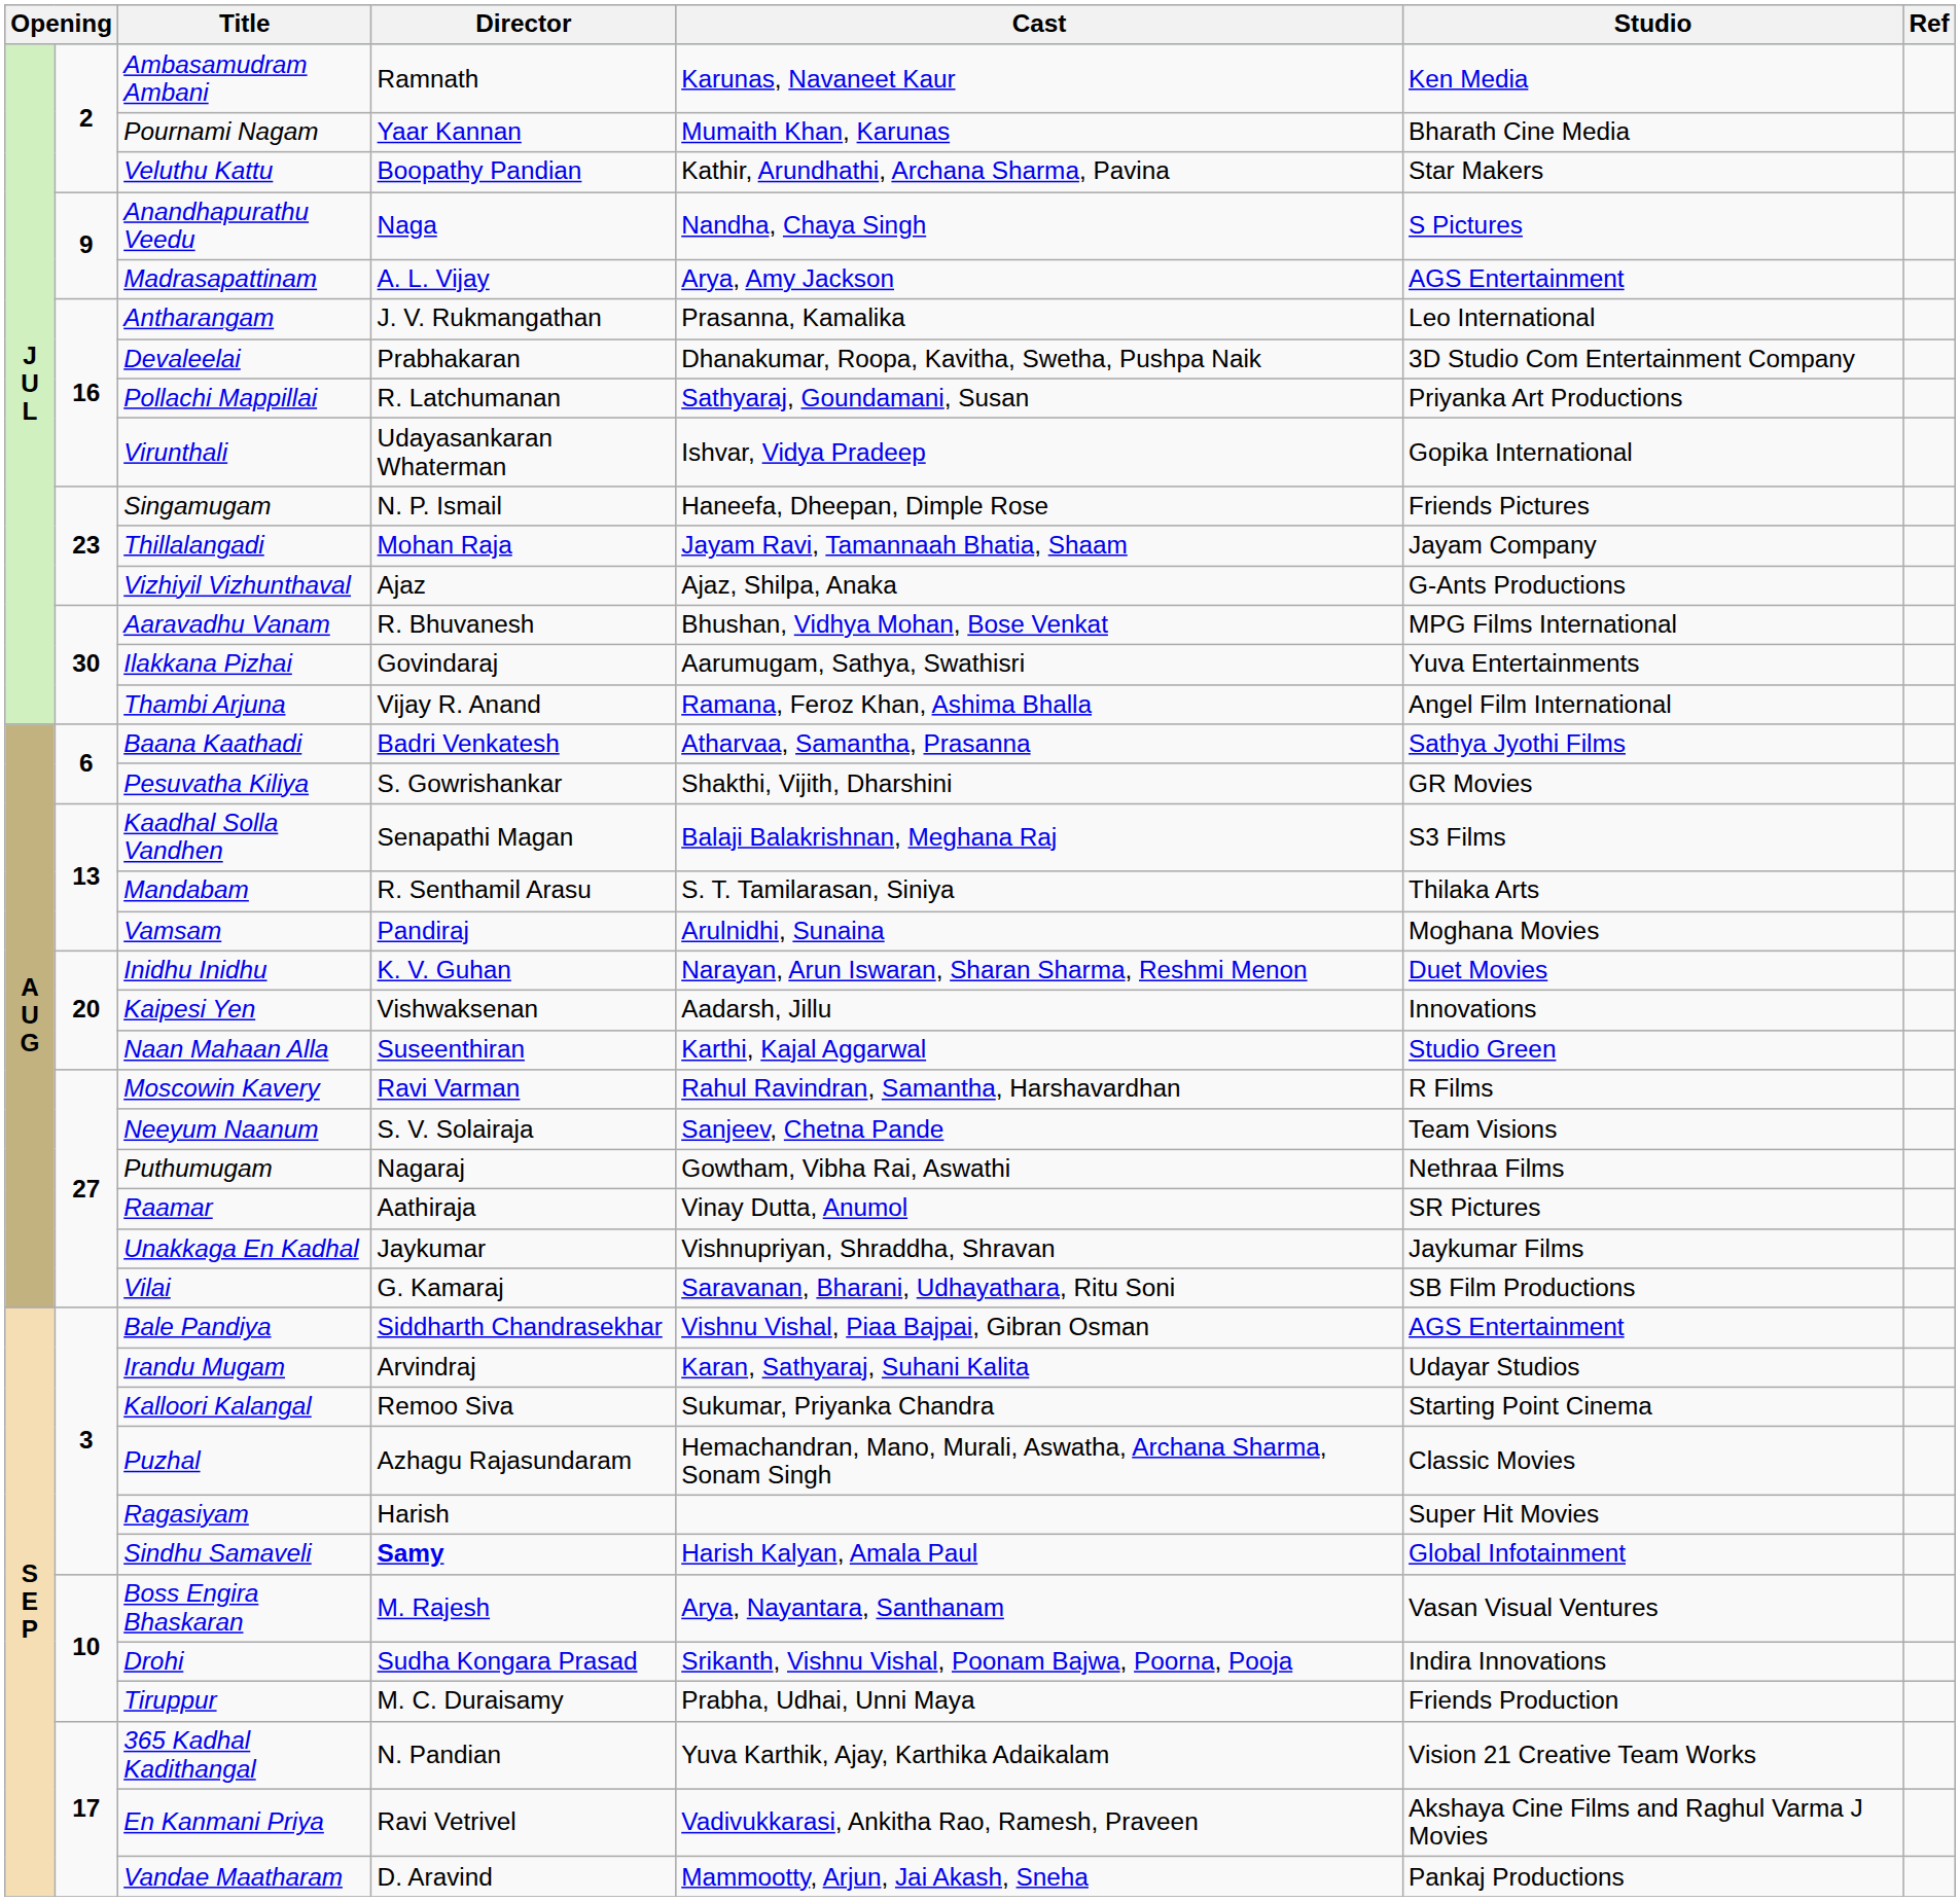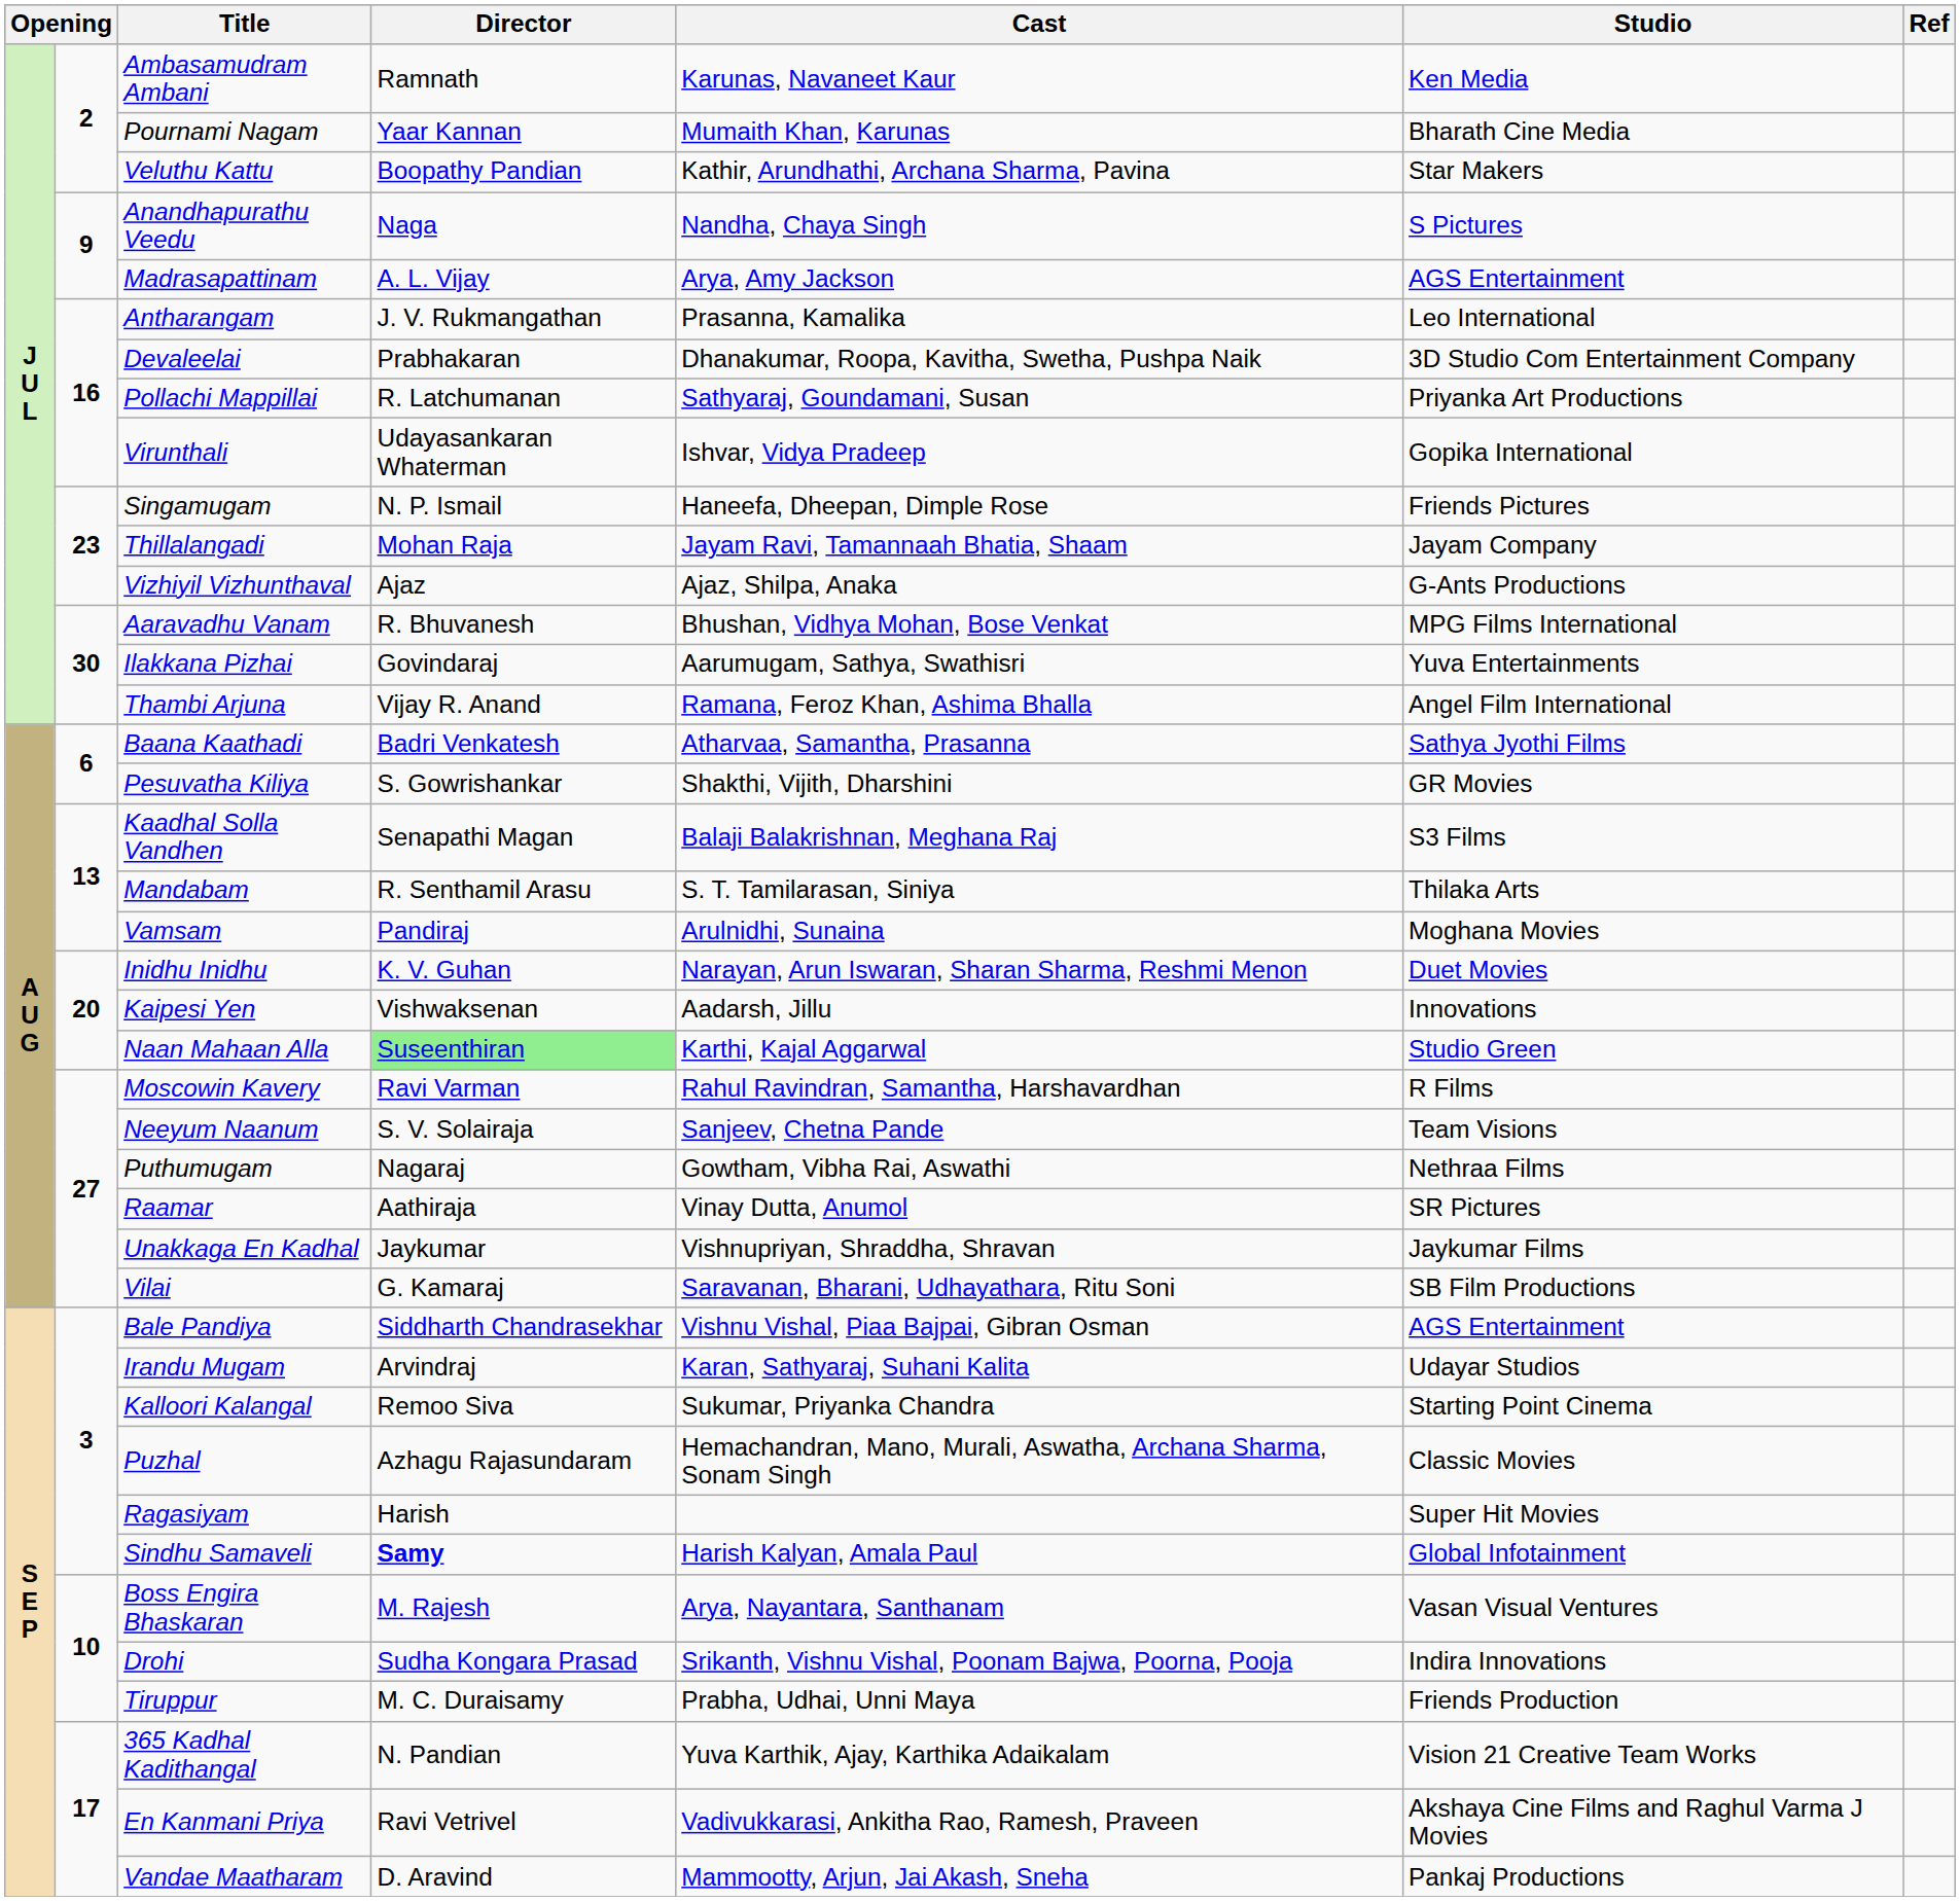 <table id="wikitable-20101207" class="wikitable">
 <tr style="background:#b0e0e6; text-align:center;">
 <th colspan="2">Opening</th>
 <th style="width:13%;">Title</th>
 <th>Director</th>
 <th>Cast</th>
 <th>Studio</th>
 <th>Ref</th>
 </tr>
 <tr>
 <td rowspan="15"   style="text-align:center; background:#d0f0c0; textcolor:#000;"><strong>J<br>U<br>L</strong></td>
 <td rowspan="3" style="text-align:center;"><strong>2</strong></td>
 <td><em><a href='#'>Ambasamudram Ambani</a></em></td>
 <td>Ramnath</td>
 <td><a href='#'>Karunas</a>, <a href='#'>Navaneet Kaur</a></td>
 <td><a href='#'>Ken Media</a></td>
 <td></td>
 </tr>
 <tr>
 <td><em>Pournami Nagam</em></td>
 <td><a href='#'>Yaar Kannan</a></td>
 <td><a href='#'>Mumaith Khan</a>, <a href='#'>Karunas</a></td>
 <td>Bharath Cine Media</td>
 <td></td>
 </tr>
 <tr>
 <td><em><a href='#'>Veluthu Kattu</a></em></td>
 <td><a href='#'>Boopathy Pandian</a></td>
 <td>Kathir, <a href='#'>Arundhathi</a>, <a href='#'>Archana Sharma</a>, Pavina</td>
 <td>Star Makers</td>
 <td></td>
 </tr>
 <tr>
 <td rowspan="2" style="text-align:center;"><strong>9</strong></td>
 <td><em><a href='#'>Anandhapurathu Veedu</a></em></td>
 <td><a href='#'>Naga</a></td>
 <td><a href='#'>Nandha</a>, <a href='#'>Chaya Singh</a></td>
 <td><a href='#'>S Pictures</a></td>
 <td></td>
 </tr>
 <tr>
 <td><em><a href='#'>Madrasapattinam</a></em></td>
 <td><a href='#'>A. L. Vijay</a></td>
 <td><a href='#'>Arya</a>, <a href='#'>Amy Jackson</a></td>
 <td><a href='#'>AGS Entertainment</a></td>
 <td></td>
 </tr>
 <tr>
 <td rowspan="4" style="text-align:center;"><strong>16</strong></td>
 <td><em><a href='#'>Antharangam</a></em></td>
 <td>J. V. Rukmangathan</td>
 <td>Prasanna, Kamalika</td>
 <td>Leo International</td>
 <td></td>
 </tr>
 <tr>
 <td><em><a href='#'>Devaleelai</a></em></td>
 <td>Prabhakaran</td>
 <td>Dhanakumar, Roopa, Kavitha, Swetha, Pushpa Naik</td>
 <td>3D Studio Com Entertainment Company</td>
 <td></td>
 </tr>
 <tr>
 <td><em><a href='#'>Pollachi Mappillai</a></em></td>
 <td>R. Latchumanan</td>
 <td><a href='#'>Sathyaraj</a>, <a href='#'>Goundamani</a>, Susan</td>
 <td>Priyanka Art Productions</td>
 <td></td>
 </tr>
 <tr>
 <td><em><a href='#'>Virunthali</a></em></td>
 <td>Udayasankaran Whaterman</td>
 <td>Ishvar, <a href='#'>Vidya Pradeep</a></td>
 <td>Gopika International</td>
 <td></td>
 </tr>
 <tr>
 <td rowspan="3" style="text-align:center;"><strong>23</strong></td>
 <td><em>Singamugam</em></td>
 <td>N. P. Ismail</td>
 <td>Haneefa, Dheepan, Dimple Rose</td>
 <td>Friends Pictures</td>
 <td></td>
 </tr>
 <tr>
 <td><em><a href='#'>Thillalangadi</a></em></td>
 <td><a href='#'>Mohan Raja</a></td>
 <td><a href='#'>Jayam Ravi</a>, <a href='#'>Tamannaah Bhatia</a>, <a href='#'>Shaam</a></td>
 <td>Jayam Company</td>
 <td></td>
 </tr>
 <tr>
 <td><em><a href='#'>Vizhiyil Vizhunthaval</a></em></td>
 <td>Ajaz</td>
 <td>Ajaz, Shilpa, Anaka</td>
 <td>G-Ants Productions</td>
 <td></td>
 </tr>
 <tr>
 <td rowspan="3" style="text-align:center;"><strong>30</strong></td>
 <td><em><a href='#'>Aaravadhu Vanam</a></em></td>
 <td>R. Bhuvanesh</td>
 <td>Bhushan, <a href='#'>Vidhya Mohan</a>, <a href='#'>Bose Venkat</a></td>
 <td>MPG Films International</td>
 <td></td>
 </tr>
 <tr>
 <td><em><a href='#'>Ilakkana Pizhai</a></em></td>
 <td>Govindaraj</td>
 <td>Aarumugam, Sathya, Swathisri</td>
 <td>Yuva Entertainments</td>
 <td></td>
 </tr>
 <tr>
 <td><em><a href='#'>Thambi Arjuna</a></em></td>
 <td>Vijay R. Anand</td>
 <td><a href='#'>Ramana</a>, Feroz Khan, <a href='#'>Ashima Bhalla</a></td>
 <td>Angel Film International</td>
 <td></td>
 </tr>
 <tr>
 <td rowspan="14"   style="text-align:center; background:#c2b280;"><strong>A<br>U<br>G</strong></td>
 <td rowspan="2" style="text-align:center;"><strong>6</strong></td>
 <td><em><a href='#'>Baana Kaathadi</a></em></td>
 <td><a href='#'>Badri Venkatesh</a></td>
 <td><a href='#'>Atharvaa</a>, <a href='#'>Samantha</a>, <a href='#'>Prasanna</a></td>
 <td><a href='#'>Sathya Jyothi Films</a></td>
 <td></td>
 </tr>
 <tr>
 <td><em><a href='#'>Pesuvatha Kiliya</a></em></td>
 <td>S. Gowrishankar</td>
 <td>Shakthi, Vijith, Dharshini</td>
 <td>GR Movies</td>
 <td></td>
 </tr>
 <tr>
 <td rowspan="3" style="text-align:center;"><strong>13</strong></td>
 <td><em><a href='#'>Kaadhal Solla Vandhen</a></em></td>
 <td>Senapathi Magan</td>
 <td><a href='#'>Balaji Balakrishnan</a>, <a href='#'>Meghana Raj</a></td>
 <td>S3 Films</td>
 <td></td>
 </tr>
 <tr>
 <td><em><a href='#'>Mandabam</a></em></td>
 <td>R. Senthamil Arasu</td>
 <td>S. T. Tamilarasan, Siniya</td>
 <td>Thilaka Arts</td>
 <td></td>
 </tr>
 <tr>
 <td><em><a href='#'>Vamsam</a></em></td>
 <td><a href='#'>Pandiraj</a></td>
 <td><a href='#'>Arulnidhi</a>, <a href='#'>Sunaina</a></td>
 <td>Moghana Movies</td>
 <td></td>
 </tr>
 <tr>
 <td rowspan="3" style="text-align:center;"><strong>20</strong></td>
 <td><em><a href='#'>Inidhu Inidhu</a></em></td>
 <td><a href='#'>K. V. Guhan</a></td>
 <td><a href='#'>Narayan</a>, <a href='#'>Arun Iswaran</a>, <a href='#'>Sharan Sharma</a>, <a href='#'>Reshmi Menon</a></td>
 <td><a href='#'>Duet Movies</a></td>
 <td></td>
 </tr>
 <tr>
 <td><em><a href='#'>Kaipesi Yen</a></em></td>
 <td>Vishwaksenan</td>
 <td>Aadarsh, Jillu</td>
 <td>Innovations</td>
 <td></td>
 </tr>
 <tr>
 <td><em><a href='#'>Naan Mahaan Alla</a></em></td>
-<td><a href='#'>Suseenthiran</a></td>
+<td style="background: lightgreen;"><a href='#'>Suseenthiran</a></td>
 <td><a href='#'>Karthi</a>, <a href='#'>Kajal Aggarwal</a></td>
 <td><a href='#'>Studio Green</a></td>
 <td></td>
 </tr>
 <tr>
 <td rowspan="6" style="text-align:center;"><strong>27</strong></td>
 <td><em><a href='#'>Moscowin Kavery</a></em></td>
 <td><a href='#'>Ravi Varman</a></td>
 <td><a href='#'>Rahul Ravindran</a>, <a href='#'>Samantha</a>, Harshavardhan</td>
 <td>R Films</td>
 <td></td>
 </tr>
 <tr>
 <td><em><a href='#'>Neeyum Naanum</a></em></td>
 <td>S. V. Solairaja</td>
 <td><a href='#'>Sanjeev</a>, <a href='#'>Chetna Pande</a></td>
 <td>Team Visions</td>
 <td></td>
 </tr>
 <tr>
 <td><em>Puthumugam</em></td>
 <td>Nagaraj</td>
 <td>Gowtham, Vibha Rai, Aswathi</td>
 <td>Nethraa Films</td>
 <td></td>
 </tr>
 <tr>
 <td><em><a href='#'>Raamar</a></em></td>
 <td>Aathiraja</td>
 <td>Vinay Dutta, <a href='#'>Anumol</a></td>
 <td>SR Pictures</td>
 <td></td>
 </tr>
 <tr>
 <td><em><a href='#'>Unakkaga En Kadhal</a></em></td>
 <td>Jaykumar</td>
 <td>Vishnupriyan, Shraddha, Shravan</td>
 <td>Jaykumar Films</td>
 <td></td>
 </tr>
 <tr>
 <td><em><a href='#'>Vilai</a></em></td>
 <td>G. Kamaraj</td>
 <td><a href='#'>Saravanan</a>, <a href='#'>Bharani</a>, <a href='#'>Udhayathara</a>, Ritu Soni</td>
 <td>SB Film Productions</td>
 <td></td>
 </tr>
 <tr>
 <td rowspan="12"   style="text-align:center; background:wheat; textcolor:#000;"><strong>S<br>E<br>P</strong></td>
 <td rowspan="6" style="text-align:center;"><strong>3</strong></td>
 <td><em><a href='#'>Bale Pandiya</a></em></td>
 <td><a href='#'>Siddharth Chandrasekhar</a></td>
 <td><a href='#'>Vishnu Vishal</a>, <a href='#'>Piaa Bajpai</a>, Gibran Osman</td>
 <td><a href='#'>AGS Entertainment</a></td>
 <td></td>
 </tr>
 <tr>
 <td><em><a href='#'>Irandu Mugam</a></em></td>
 <td>Arvindraj</td>
 <td><a href='#'>Karan</a>, <a href='#'>Sathyaraj</a>, <a href='#'>Suhani Kalita</a></td>
 <td>Udayar Studios</td>
 <td></td>
 </tr>
 <tr>
 <td><em><a href='#'>Kalloori Kalangal</a></em></td>
 <td>Remoo Siva</td>
 <td>Sukumar, Priyanka Chandra</td>
 <td>Starting Point Cinema</td>
 <td></td>
 </tr>
 <tr>
 <td><em><a href='#'>Puzhal</a></em></td>
 <td>Azhagu Rajasundaram</td>
 <td>Hemachandran, Mano, Murali, Aswatha, <a href='#'>Archana Sharma</a>, Sonam Singh</td>
 <td>Classic Movies</td>
 <td></td>
 </tr>
 <tr>
 <td><em><a href='#'>Ragasiyam</a></em></td>
 <td>Harish</td>
 <td></td>
 <td>Super Hit Movies</td>
 <td></td>
 </tr>
 <tr>
 <td><em><a href='#'>Sindhu Samaveli</a></em></td>
 <td><strong><a href='#'>Samy</a></strong></td>
 <td><a href='#'>Harish Kalyan</a>, <a href='#'>Amala Paul</a></td>
 <td><a href='#'>Global Infotainment</a></td>
 <td></td>
 </tr>
 <tr>
 <td rowspan="3" style="text-align:center;"><strong>10</strong></td>
 <td><em><a href='#'>Boss Engira Bhaskaran</a></em></td>
 <td><a href='#'>M. Rajesh</a></td>
 <td><a href='#'>Arya</a>, <a href='#'>Nayantara</a>, <a href='#'>Santhanam</a></td>
 <td>Vasan Visual Ventures</td>
 <td></td>
 </tr>
 <tr>
 <td><em><a href='#'>Drohi</a></em></td>
 <td><a href='#'>Sudha Kongara Prasad</a></td>
 <td><a href='#'>Srikanth</a>, <a href='#'>Vishnu Vishal</a>, <a href='#'>Poonam Bajwa</a>, <a href='#'>Poorna</a>, <a href='#'>Pooja</a></td>
 <td>Indira Innovations</td>
 <td></td>
 </tr>
 <tr>
 <td><em><a href='#'>Tiruppur</a></em></td>
 <td>M. C. Duraisamy</td>
 <td>Prabha, Udhai, Unni Maya</td>
 <td>Friends Production</td>
 <td></td>
 </tr>
 <tr>
 <td rowspan="3" style="text-align:center;"><strong>17</strong></td>
 <td><em><a href='#'>365 Kadhal Kadithangal</a></em></td>
 <td>N. Pandian</td>
 <td>Yuva Karthik, Ajay, Karthika Adaikalam</td>
 <td>Vision 21 Creative Team Works</td>
 <td></td>
 </tr>
 <tr>
 <td><em><a href='#'>En Kanmani Priya</a></em></td>
 <td>Ravi Vetrivel</td>
 <td><a href='#'>Vadivukkarasi</a>, Ankitha Rao, Ramesh, Praveen</td>
 <td>Akshaya Cine Films and Raghul Varma J Movies</td>
 <td></td>
 </tr>
 <tr>
 <td><em><a href='#'>Vandae Maatharam</a></em></td>
 <td>D. Aravind</td>
 <td><a href='#'>Mammootty</a>, <a href='#'>Arjun</a>, <a href='#'>Jai Akash</a>, <a href='#'>Sneha</a></td>
 <td>Pankaj Productions</td>
 <td></td>
 </tr>
 </table>
